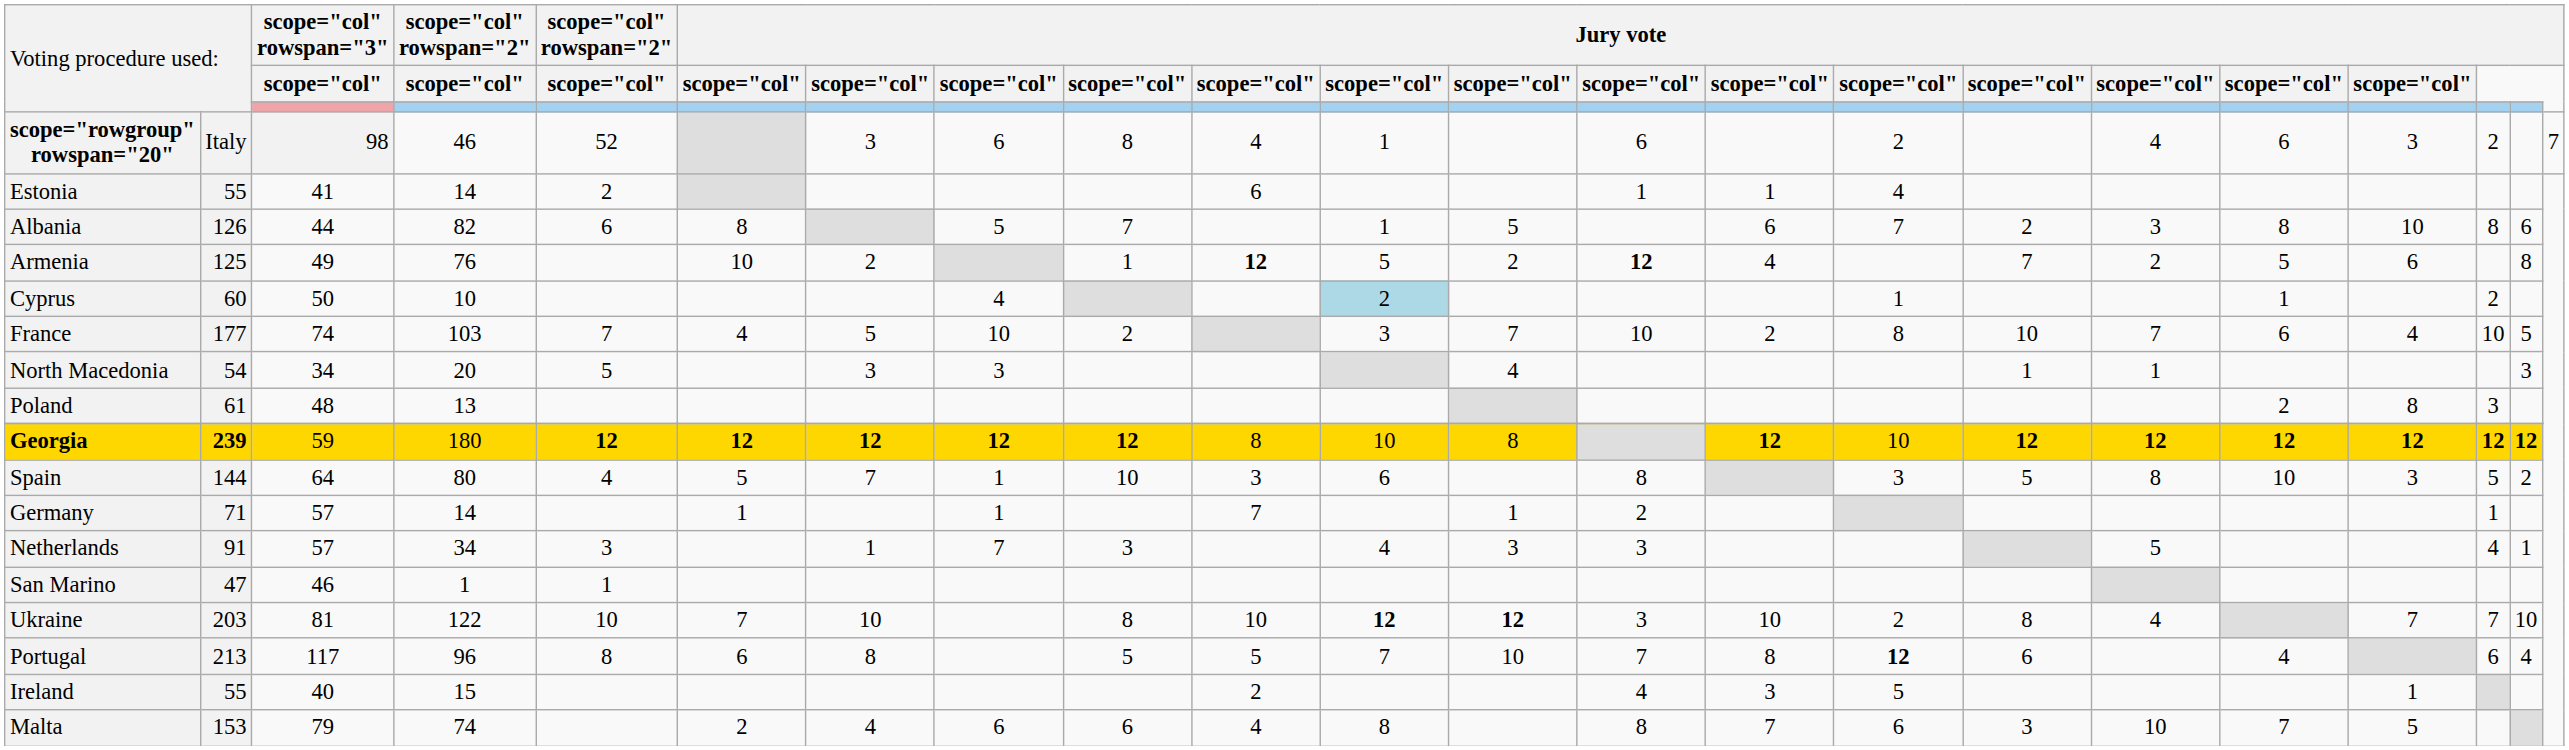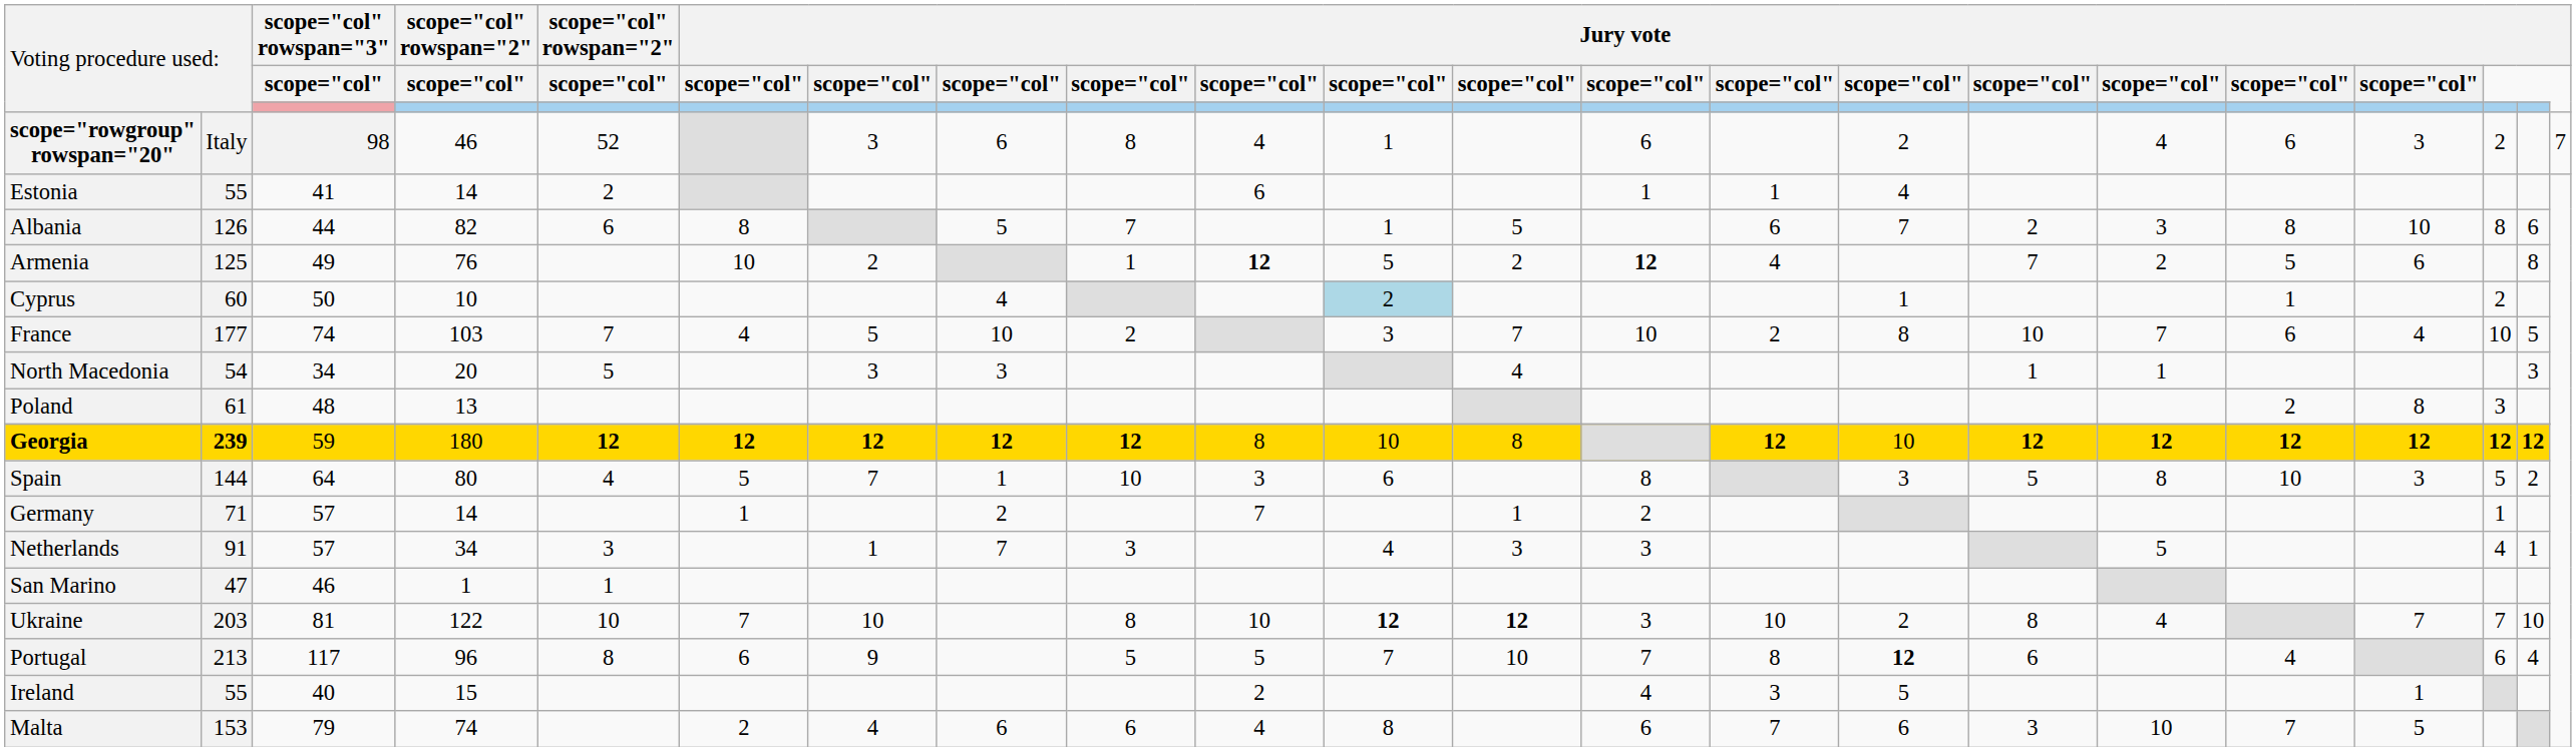 <table class="wikitable plainrowheaders" style="text-align: center;">
 <tr>
 <td colspan="2" rowspan="3" style="text-align: left; background: #F2F2F2;">Voting procedure used:<br></td>
 <th>scope="col" rowspan="3" </th>
 <th>scope="col" rowspan="2" </th>
 <th>scope="col" rowspan="2" </th>
 <th scope="colgroup" colspan="17">Jury vote</th>
 </tr>
 <tr>
 <th>scope="col" </th>
 <th>scope="col" </th>
 <th>scope="col" </th>
 <th>scope="col" </th>
 <th>scope="col" </th>
 <th>scope="col" </th>
 <th>scope="col" </th>
 <th>scope="col" </th>
 <th>scope="col" </th>
 <th>scope="col" </th>
 <th>scope="col" </th>
 <th>scope="col" </th>
 <th>scope="col" </th>
 <th>scope="col" </th>
 <th>scope="col" </th>
 <th>scope="col" </th>
 <th>scope="col" </th>
 </tr>
 <tr>
 <td style="background: #EFA4A9;"></td>
 <td style="background: #A4D1EF;"></td>
 <td style="background: #A4D1EF;"></td>
 <td style="background: #A4D1EF;"></td>
 <td style="background: #A4D1EF;"></td>
 <td style="background: #A4D1EF;"></td>
 <td style="background: #A4D1EF;"></td>
 <td style="background: #A4D1EF;"></td>
 <td style="background: #A4D1EF;"></td>
 <td style="background: #A4D1EF;"></td>
 <td style="background: #A4D1EF;"></td>
 <td style="background: #A4D1EF;"></td>
 <td style="background: #A4D1EF;"></td>
 <td style="background: #A4D1EF;"></td>
 <td style="background: #A4D1EF;"></td>
 <td style="background: #A4D1EF;"></td>
 <td style="background: #A4D1EF;"></td>
 <td style="background: #A4D1EF;"></td>
 <td style="background: #A4D1EF;"></td>
 </tr>
 <tr>
 <th>scope="rowgroup" rowspan="20" </th>
 <td style="text-align:left; background:#f2f2f2;">Italy</td>
 <td style="text-align:right; background:#f2f2f2;">98</td>
 <td>46</td>
 <td>52</td>
 <td style="text-align:left; background:#dedede;"></td>
 <td>3</td>
 <td>6</td>
 <td>8</td>
 <td>4</td>
 <td>1</td>
 <td></td>
 <td>6</td>
 <td></td>
 <td>2</td>
 <td></td>
 <td>4</td>
 <td>6</td>
 <td>3</td>
 <td>2</td>
 <td></td>
 <td>7</td>
 </tr>
 <tr>
 <td style="text-align:left; background:#f2f2f2;">Estonia</td>
 <td style="text-align:right; background:#f2f2f2;">55</td>
 <td>41</td>
 <td>14</td>
 <td>2</td>
 <td style="text-align:left; background:#dedede;"></td>
 <td></td>
 <td></td>
 <td></td>
 <td>6</td>
 <td></td>
 <td></td>
 <td>1</td>
 <td>1</td>
 <td>4</td>
 <td></td>
 <td></td>
 <td></td>
 <td></td>
 <td></td>
 <td></td>
 </tr>
 <tr>
 <td style="text-align:left; background:#f2f2f2;">Albania</td>
 <td style="text-align:right; background:#f2f2f2;">126</td>
 <td>44</td>
 <td>82</td>
 <td>6</td>
 <td>8</td>
 <td style="text-align:left; background:#dedede;"></td>
 <td>5</td>
 <td>7</td>
 <td></td>
 <td>1</td>
 <td>5</td>
 <td></td>
 <td>6</td>
 <td>7</td>
 <td>2</td>
 <td>3</td>
 <td>8</td>
 <td>10</td>
 <td>8</td>
 <td>6</td>
 </tr>
 <tr>
 <td style="text-align:left; background:#f2f2f2;">Armenia</td>
 <td style="text-align:right; background:#f2f2f2;">125</td>
 <td>49</td>
 <td>76</td>
 <td></td>
 <td>10</td>
 <td>2</td>
 <td style="text-align:left; background:#dedede;"></td>
 <td>1</td>
 <td><strong>12</strong></td>
 <td>5</td>
 <td>2</td>
 <td><strong>12</strong></td>
 <td>4</td>
 <td></td>
 <td>7</td>
 <td>2</td>
 <td>5</td>
 <td>6</td>
 <td></td>
 <td>8</td>
 </tr>
 <tr>
 <td style="text-align:left; background:#f2f2f2;">Cyprus</td>
 <td style="text-align:right; background:#f2f2f2;">60</td>
 <td>50</td>
 <td>10</td>
 <td></td>
 <td></td>
 <td></td>
 <td>4</td>
 <td style="text-align:left; background:#dedede;"></td>
 <td></td>
 <td style="background: lightblue;">2</td>
 <td></td>
 <td></td>
 <td></td>
 <td>1</td>
 <td></td>
 <td></td>
 <td>1</td>
 <td></td>
 <td>2</td>
 <td></td>
 </tr>
 <tr>
 <td style="text-align:left; background:#f2f2f2;">France</td>
 <td style="text-align:right; background:#f2f2f2;">177</td>
 <td>74</td>
 <td>103</td>
 <td>7</td>
 <td>4</td>
 <td>5</td>
 <td>10</td>
 <td>2</td>
 <td style="text-align:left; background:#dedede;"></td>
 <td>3</td>
 <td>7</td>
 <td>10</td>
 <td>2</td>
 <td>8</td>
 <td>10</td>
 <td>7</td>
 <td>6</td>
 <td>4</td>
 <td>10</td>
 <td>5</td>
 </tr>
 <tr>
 <td style="text-align:left; background:#f2f2f2;">North Macedonia</td>
 <td style="text-align:right; background:#f2f2f2;">54</td>
 <td>34</td>
 <td>20</td>
 <td>5</td>
 <td></td>
 <td>3</td>
 <td>3</td>
 <td></td>
 <td></td>
 <td style="text-align:left; background:#dedede;"></td>
 <td>4</td>
 <td></td>
 <td></td>
 <td></td>
 <td>1</td>
 <td>1</td>
 <td></td>
 <td></td>
 <td></td>
 <td>3</td>
 </tr>
 <tr>
 <td style="text-align:left; background:#f2f2f2;">Poland</td>
 <td style="text-align:right; background:#f2f2f2;">61</td>
 <td>48</td>
 <td>13</td>
 <td></td>
 <td></td>
 <td></td>
 <td></td>
 <td></td>
 <td></td>
 <td></td>
 <td style="text-align:left; background:#dedede;"></td>
 <td></td>
 <td></td>
 <td></td>
 <td></td>
 <td></td>
 <td>2</td>
 <td>8</td>
 <td>3</td>
 <td></td>
 </tr>
 <tr>
 </tr>
 <tr style="background:gold;">
 <th scope="row" style="text-align:left; font-weight:bold; background:gold;">Georgia</th>
 <td style="text-align:right; background:#gold;"><strong>239</strong></td>
 <td>59</td>
 <td>180</td>
 <td><strong>12</strong></td>
 <td><strong>12</strong></td>
 <td><strong>12</strong></td>
 <td><strong>12</strong></td>
 <td><strong>12</strong></td>
 <td>8</td>
 <td>10</td>
 <td>8</td>
 <td style="text-align:left; background:#dedede;"></td>
 <td><strong>12</strong></td>
 <td>10</td>
 <td><strong>12</strong></td>
 <td><strong>12</strong></td>
 <td><strong>12</strong></td>
 <td><strong>12</strong></td>
 <td><strong>12</strong></td>
 <td><strong>12</strong></td>
 </tr>
 <tr>
 <td style="text-align:left; background:#f2f2f2;">Spain</td>
 <td style="text-align:right; background:#f2f2f2;">144</td>
 <td>64</td>
 <td>80</td>
 <td>4</td>
 <td>5</td>
 <td>7</td>
 <td>1</td>
 <td>10</td>
 <td>3</td>
 <td>6</td>
 <td></td>
 <td>8</td>
 <td style="text-align:left; background:#dedede;"></td>
 <td>3</td>
 <td>5</td>
 <td>8</td>
 <td>10</td>
 <td>3</td>
 <td>5</td>
 <td>2</td>
 </tr>
 <tr>
 <td style="text-align:left; background:#f2f2f2;">Germany</td>
 <td style="text-align:right; background:#f2f2f2;">71</td>
 <td>57</td>
 <td>14</td>
 <td></td>
 <td>1</td>
 <td></td>
-<td>1</td>
+<td>2</td>
 <td></td>
 <td>7</td>
 <td></td>
 <td>1</td>
 <td>2</td>
 <td></td>
 <td style="text-align:left; background:#dedede;"></td>
 <td></td>
 <td></td>
 <td></td>
 <td></td>
 <td>1</td>
 <td></td>
 </tr>
 <tr>
 <td style="text-align:left; background:#f2f2f2;">Netherlands</td>
 <td style="text-align:right; background:#f2f2f2;">91</td>
 <td>57</td>
 <td>34</td>
 <td>3</td>
 <td></td>
 <td>1</td>
 <td>7</td>
 <td>3</td>
 <td></td>
 <td>4</td>
 <td>3</td>
 <td>3</td>
 <td></td>
 <td></td>
 <td style="text-align:left; background:#dedede;"></td>
 <td>5</td>
 <td></td>
 <td></td>
 <td>4</td>
 <td>1</td>
 </tr>
 <tr>
 <td style="text-align:left; background:#f2f2f2;">San Marino</td>
 <td style="text-align:right; background:#f2f2f2;">47</td>
 <td>46</td>
 <td>1</td>
 <td>1</td>
 <td></td>
 <td></td>
 <td></td>
 <td></td>
 <td></td>
 <td></td>
 <td></td>
 <td></td>
 <td></td>
 <td></td>
 <td></td>
 <td style="text-align:left; background:#dedede;"></td>
 <td></td>
 <td></td>
 <td></td>
 <td></td>
 </tr>
 <tr>
 <td style="text-align:left; background:#f2f2f2;">Ukraine</td>
 <td style="text-align:right; background:#f2f2f2;">203</td>
 <td>81</td>
 <td>122</td>
 <td>10</td>
 <td>7</td>
 <td>10</td>
 <td></td>
 <td>8</td>
 <td>10</td>
 <td><strong>12</strong></td>
 <td><strong>12</strong></td>
 <td>3</td>
 <td>10</td>
 <td>2</td>
 <td>8</td>
 <td>4</td>
 <td style="text-align:left; background:#dedede;"></td>
 <td>7</td>
 <td>7</td>
 <td>10</td>
 </tr>
 <tr>
 <td style="text-align:left; background:#f2f2f2;">Portugal</td>
 <td style="text-align:right; background:#f2f2f2;">213</td>
 <td>117</td>
 <td>96</td>
 <td>8</td>
 <td>6</td>
-<td>8</td>
+<td>9</td>
 <td></td>
 <td>5</td>
 <td>5</td>
 <td>7</td>
 <td>10</td>
 <td>7</td>
 <td>8</td>
 <td><strong>12</strong></td>
 <td>6</td>
 <td></td>
 <td>4</td>
 <td style="text-align:left; background:#dedede;"></td>
 <td>6</td>
 <td>4</td>
 </tr>
 <tr>
 <td style="text-align:left; background:#f2f2f2;">Ireland</td>
 <td style="text-align:right; background:#f2f2f2;">55</td>
 <td>40</td>
 <td>15</td>
 <td></td>
 <td></td>
 <td></td>
 <td></td>
 <td></td>
 <td>2</td>
 <td></td>
 <td></td>
 <td>4</td>
 <td>3</td>
 <td>5</td>
 <td></td>
 <td></td>
 <td></td>
 <td>1</td>
 <td style="text-align:left; background:#dedede;"></td>
 <td></td>
 </tr>
 <tr>
 <td style="text-align:left; background:#f2f2f2;">Malta</td>
 <td style="text-align:right; background:#f2f2f2;">153</td>
 <td>79</td>
 <td>74</td>
 <td></td>
 <td>2</td>
 <td>4</td>
 <td>6</td>
 <td>6</td>
 <td>4</td>
 <td>8</td>
 <td></td>
-<td>8</td>
+<td>6</td>
 <td>7</td>
 <td>6</td>
 <td>3</td>
 <td>10</td>
 <td>7</td>
 <td>5</td>
 <td></td>
 <td style="text-align:left; background:#dedede;"></td>
 </tr>
 </table>
